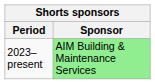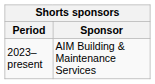 <table class="wikitable plainrowheaders" style="width: 25%; text-align: centr; margin-left:1em; float: left">
 <tr>
 <th colspan=3>Shorts sponsors</th>
 </tr>
 <tr>
 <th scope="col">Period</th>
 <th scope="col">Sponsor</th>
 </tr>
 <tr>
 <td scope="row">2023–present</td>
-<td style="background: lightgreen;">AIM Building & Maintenance Services</td>
+<td>AIM Building & Maintenance Services</td>
 </tr>
 </table>
